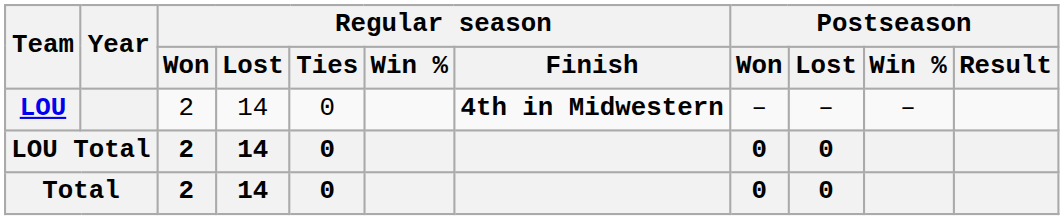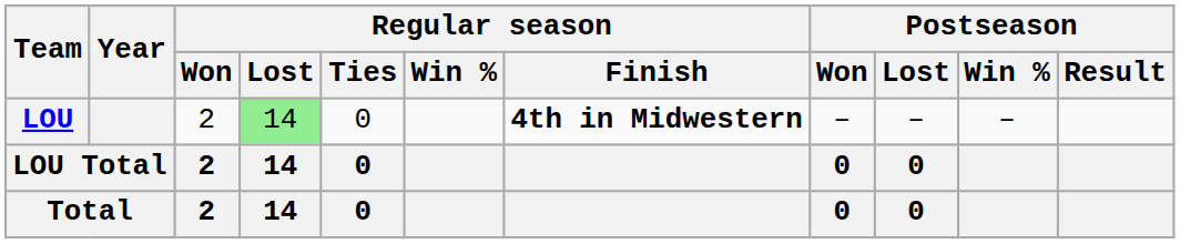 <table class="wikitable" style="font-size: 95%; text-align:center;">
 <tr>
 <th rowspan="2">Team</th>
 <th rowspan="2">Year</th>
 <th colspan="5">Regular season</th>
 <th colspan="4">Postseason</th>
 </tr>
 <tr>
 <th>Won</th>
 <th>Lost</th>
 <th>Ties</th>
 <th>Win %</th>
 <th>Finish</th>
 <th>Won</th>
 <th>Lost</th>
 <th>Win %</th>
 <th>Result</th>
 </tr>
 <tr>
 <th><a href='#'>LOU</a></th>
 <th></th>
 <td>2</td>
-<td>14</td>
+<td style="background: lightgreen;">14</td>
 <td>0</td>
 <td></td>
 <td><strong>4th in Midwestern</strong></td>
 <td>–</td>
 <td>–</td>
 <td>–</td>
 <td></td>
 </tr>
 <tr>
 <th colspan="2">LOU Total</th>
 <th>2</th>
 <th>14</th>
 <th>0</th>
 <th></th>
 <th></th>
 <th>0</th>
 <th>0</th>
 <th></th>
 <th></th>
 </tr>
 <tr>
 <th colspan="2">Total</th>
 <th>2</th>
 <th>14</th>
 <th>0</th>
 <th></th>
 <th></th>
 <th>0</th>
 <th>0</th>
 <th></th>
 <th></th>
 </tr>
 </table>
